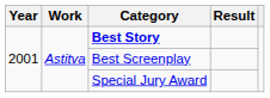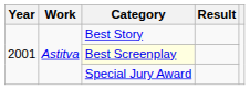 <table class="wikitable">
 <tr>
 <th>Year</th>
 <th>Work</th>
 <th>Category</th>
 <th>Result</th>
 <th></th>
 </tr>
 <tr>
 <td rowspan="3">2001</td>
 <td rowspan="3"><em><a href='#'>Astitva</a></em></td>
-<td><strong><a href='#'>Best Story</a></strong></td>
+<td><a href='#'>Best Story</a></td>
 <td></td>
 <td rowspan="3"></td>
 </tr>
 <tr>
-<td><a href='#'>Best Screenplay</a></td>
+<td style="background: lightyellow;"><a href='#'>Best Screenplay</a></td>
 <td></td>
 </tr>
 <tr>
 <td><a href='#'>Special Jury Award</a></td>
 <td></td>
 </tr>
 </table>
